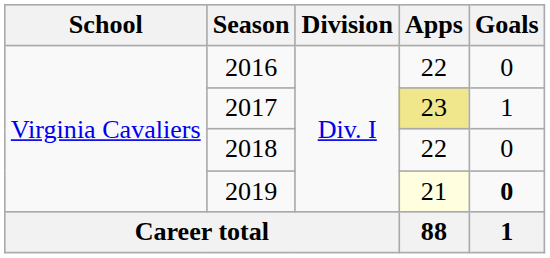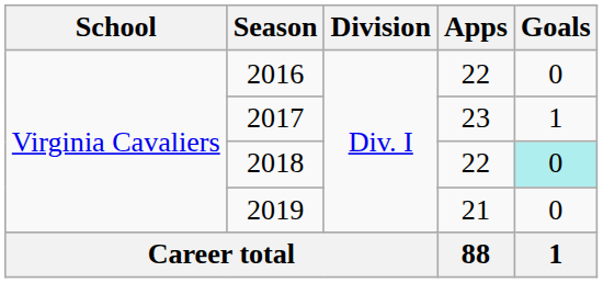 <table class="wikitable" style="text-align: center;">
 <tr>
 <th>School</th>
 <th>Season</th>
 <th>Division</th>
 <th>Apps</th>
 <th>Goals</th>
 </tr>
 <tr>
 <td rowspan="4"><a href='#'>Virginia Cavaliers</a></td>
 <td>2016</td>
 <td rowspan="4"><a href='#'>Div. I</a></td>
 <td>22</td>
 <td>0</td>
 </tr>
 <tr>
 <td>2017</td>
-<td style="background: khaki;">23</td>
+<td>23</td>
 <td>1</td>
 </tr>
 <tr>
 <td>2018</td>
 <td>22</td>
-<td>0</td>
+<td style="background: paleturquoise;">0</td>
 </tr>
 <tr>
 <td>2019</td>
-<td style="background: lightyellow;">21</td>
-<td><strong>0</strong></td>
+<td>21</td>
+<td>0</td>
 </tr>
 <tr>
 <th colspan="3">Career total</th>
 <th>88</th>
 <th>1</th>
 </tr>
 </table>
